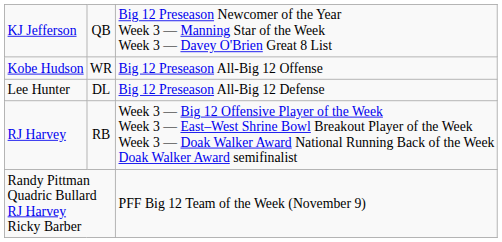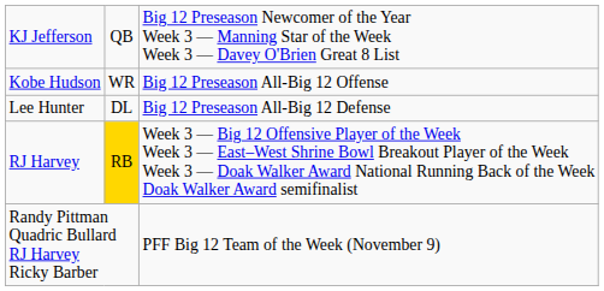 <table class="wikitable">
 <tr>
 <td><a href='#'>KJ Jefferson</a></td>
 <td align=center>QB</td>
 <td><a href='#'>Big 12 Preseason</a> Newcomer of the Year<br>Week 3 — <a href='#'>Manning</a> Star of the Week<br>Week 3 — <a href='#'>Davey O'Brien</a> Great 8 List</td>
 </tr>
 <tr>
 <td><a href='#'>Kobe Hudson</a></td>
 <td align=center>WR</td>
 <td><a href='#'>Big 12 Preseason</a> All-Big 12 Offense</td>
 </tr>
 <tr>
 <td>Lee Hunter</td>
 <td align=center>DL</td>
 <td><a href='#'>Big 12 Preseason</a> All-Big 12 Defense</td>
 </tr>
 <tr>
 <td><a href='#'>RJ Harvey</a></td>
-<td align=center>RB</td>
+<td align=center style="background: gold;">RB</td>
 <td>Week 3 — <a href='#'>Big 12 Offensive Player of the Week</a><br>Week 3 — <a href='#'>East–West Shrine Bowl</a> Breakout Player of the Week<br>Week 3 — <a href='#'>Doak Walker Award</a> National Running Back of the Week<br><a href='#'>Doak Walker Award</a> semifinalist</td>
 </tr>
 <tr>
 <td colspan=2>Randy Pittman<br>Quadric Bullard<br><a href='#'>RJ Harvey</a><br>Ricky Barber</td>
 <td>PFF Big 12 Team of the Week (November 9)</td>
 </tr>
 </table>
